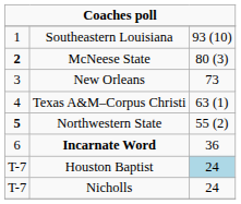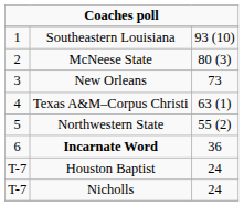 <table class="wikitable">
 <tr align="center">
 <td align="center" Colspan="3"><strong>Coaches poll</strong></td>
 </tr>
 <tr align="center">
 </tr>
 <tr align="center">
 <td>1</td>
 <td>Southeastern Louisiana</td>
 <td>93 (10)</td>
 </tr>
 <tr align="center">
-<td><strong>2</strong></td>
+<td>2</td>
 <td>McNeese State</td>
 <td>80 (3)</td>
 </tr>
 <tr align="center">
 <td>3</td>
 <td>New Orleans</td>
 <td>73</td>
 </tr>
 <tr align="center">
 <td>4</td>
 <td>Texas A&M–Corpus Christi</td>
 <td>63 (1)</td>
 </tr>
 <tr align="center">
-<td><strong>5</strong></td>
+<td>5</td>
 <td>Northwestern State</td>
 <td>55 (2)</td>
 </tr>
 <tr align="center">
 <td>6</td>
 <td><strong>Incarnate Word</strong></td>
 <td>36</td>
 </tr>
 <tr align="center">
 <td>T-7</td>
 <td>Houston Baptist</td>
-<td style="background: lightblue;">24</td>
+<td>24</td>
 </tr>
 <tr align="center">
 <td>T-7</td>
 <td>Nicholls</td>
 <td>24</td>
 </tr>
 <tr align="center">
 </tr>
 </table>
